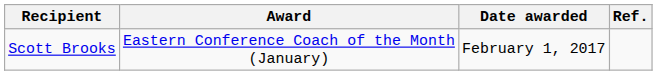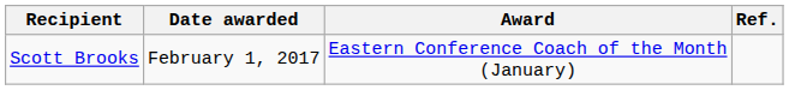 <table class="wikitable sortable sortable" style="text-align: center">
 <tr>
 <th>Recipient</th>
+<th>Date awarded</th>
 <th>Award</th>
-<th>Date awarded</th>
 <th>Ref.</th>
 </tr>
 <tr>
 <td><a href='#'>Scott Brooks</a></td>
+<td>February 1, 2017</td>
 <td><a href='#'>Eastern Conference Coach of the Month</a><br>(January)<br></td>
-<td>February 1, 2017</td>
 <td></td>
 </tr>
 </table>
